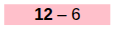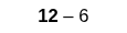 <table style="text-align:center">
 <tr>
 <th width=200></th>
 <th width=100></th>
 <th width=200></th>
 </tr>
 <tr>
 <td align=right><strong></strong></td>
-<td style="background: pink;"><strong>12</strong> – 6</td>
+<td><strong>12</strong> – 6</td>
 <td align=left></td>
 </tr>
 </table>
